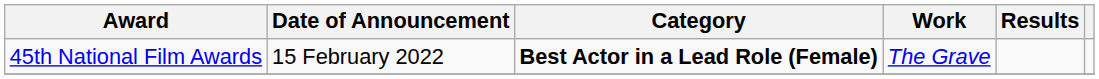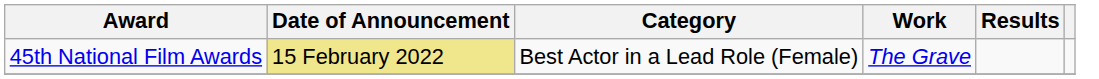 <table class="wikitable sortable">
 <tr>
 <th>Award</th>
 <th>Date of Announcement</th>
 <th>Category</th>
 <th>Work</th>
 <th>Results</th>
 <th></th>
 </tr>
 <tr>
 <td rowspan="1"><a href='#'>45th National Film Awards</a></td>
-<td rowspan="1">15 February 2022</td>
-<td><strong>Best Actor in a Lead Role (Female)</strong></td>
+<td rowspan="1" style="background: khaki;">15 February 2022</td>
+<td>Best Actor in a Lead Role (Female)</td>
 <td><em><a href='#'>The Grave</a></em></td>
 <td></td>
 <td style= "text-align:center;"></td>
 </tr>
 <tr>
 </tr>
 </table>
